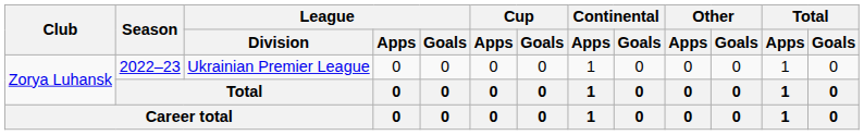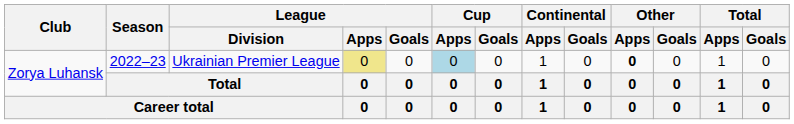 <table class="wikitable" style="text-align:center">
 <tr>
 <th rowspan="2">Club</th>
 <th rowspan="2">Season</th>
 <th colspan="3">League</th>
 <th colspan="2">Cup</th>
 <th colspan="2">Continental</th>
 <th colspan="2">Other</th>
 <th colspan="2">Total</th>
 </tr>
 <tr>
 <th>Division</th>
 <th>Apps</th>
 <th>Goals</th>
 <th>Apps</th>
 <th>Goals</th>
 <th>Apps</th>
 <th>Goals</th>
 <th>Apps</th>
 <th>Goals</th>
 <th>Apps</th>
 <th>Goals</th>
 </tr>
 <tr>
 <td rowspan="2"><a href='#'>Zorya Luhansk</a></td>
 <td><a href='#'>2022–23</a></td>
 <td><a href='#'>Ukrainian Premier League</a></td>
+<td style="background: khaki;">0</td>
 <td>0</td>
-<td>0</td>
-<td>0</td>
+<td style="background: lightblue;">0</td>
 <td>0</td>
 <td>1</td>
 <td>0</td>
-<td>0</td>
+<td><strong>0</strong></td>
 <td>0</td>
 <td>1</td>
 <td>0</td>
 </tr>
 <tr>
 <th colspan="2">Total</th>
 <th>0</th>
 <th>0</th>
 <th>0</th>
 <th>0</th>
 <th>1</th>
 <th>0</th>
 <th>0</th>
 <th>0</th>
 <th>1</th>
 <th>0</th>
 </tr>
 <tr>
 <th colspan="3">Career total</th>
 <th>0</th>
 <th>0</th>
 <th>0</th>
 <th>0</th>
 <th>1</th>
 <th>0</th>
 <th>0</th>
 <th>0</th>
 <th>1</th>
 <th>0</th>
 </tr>
 </table>
